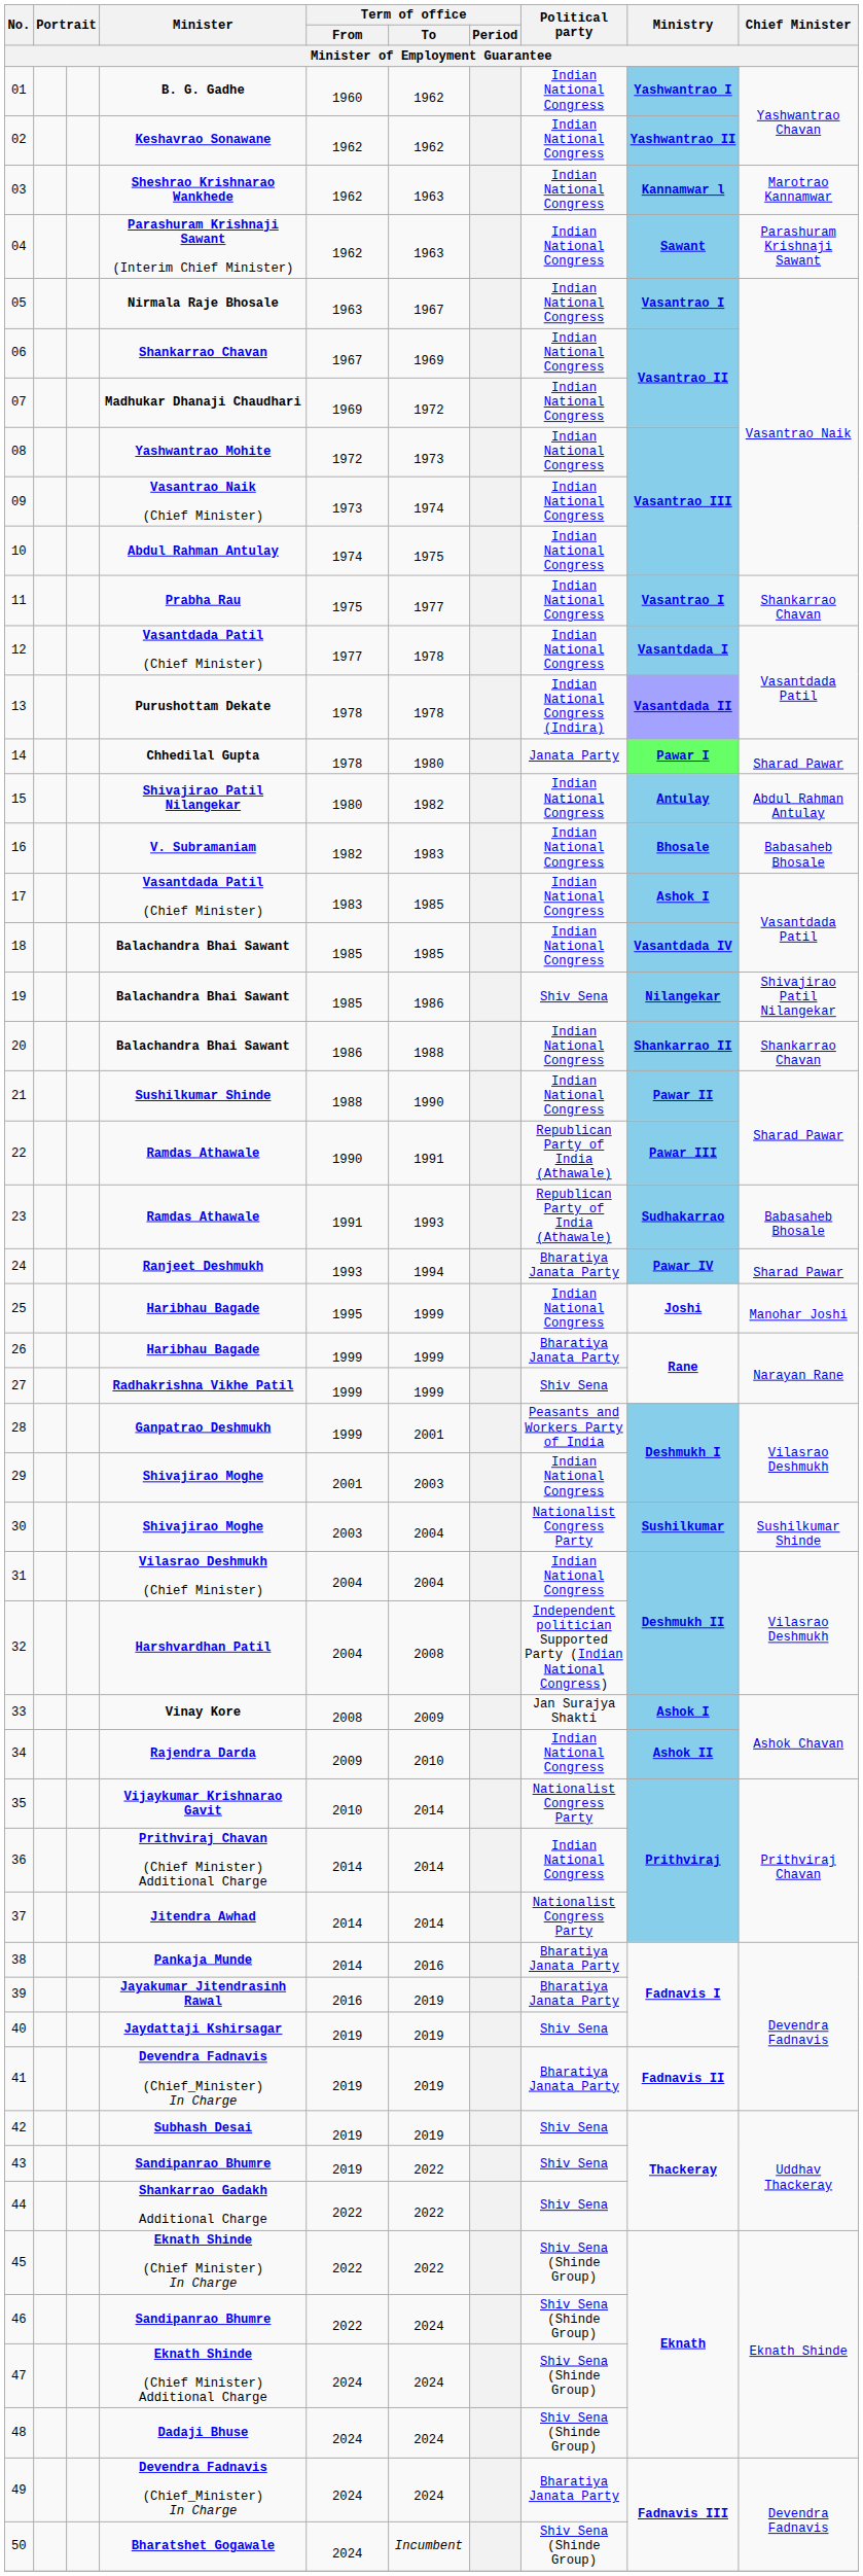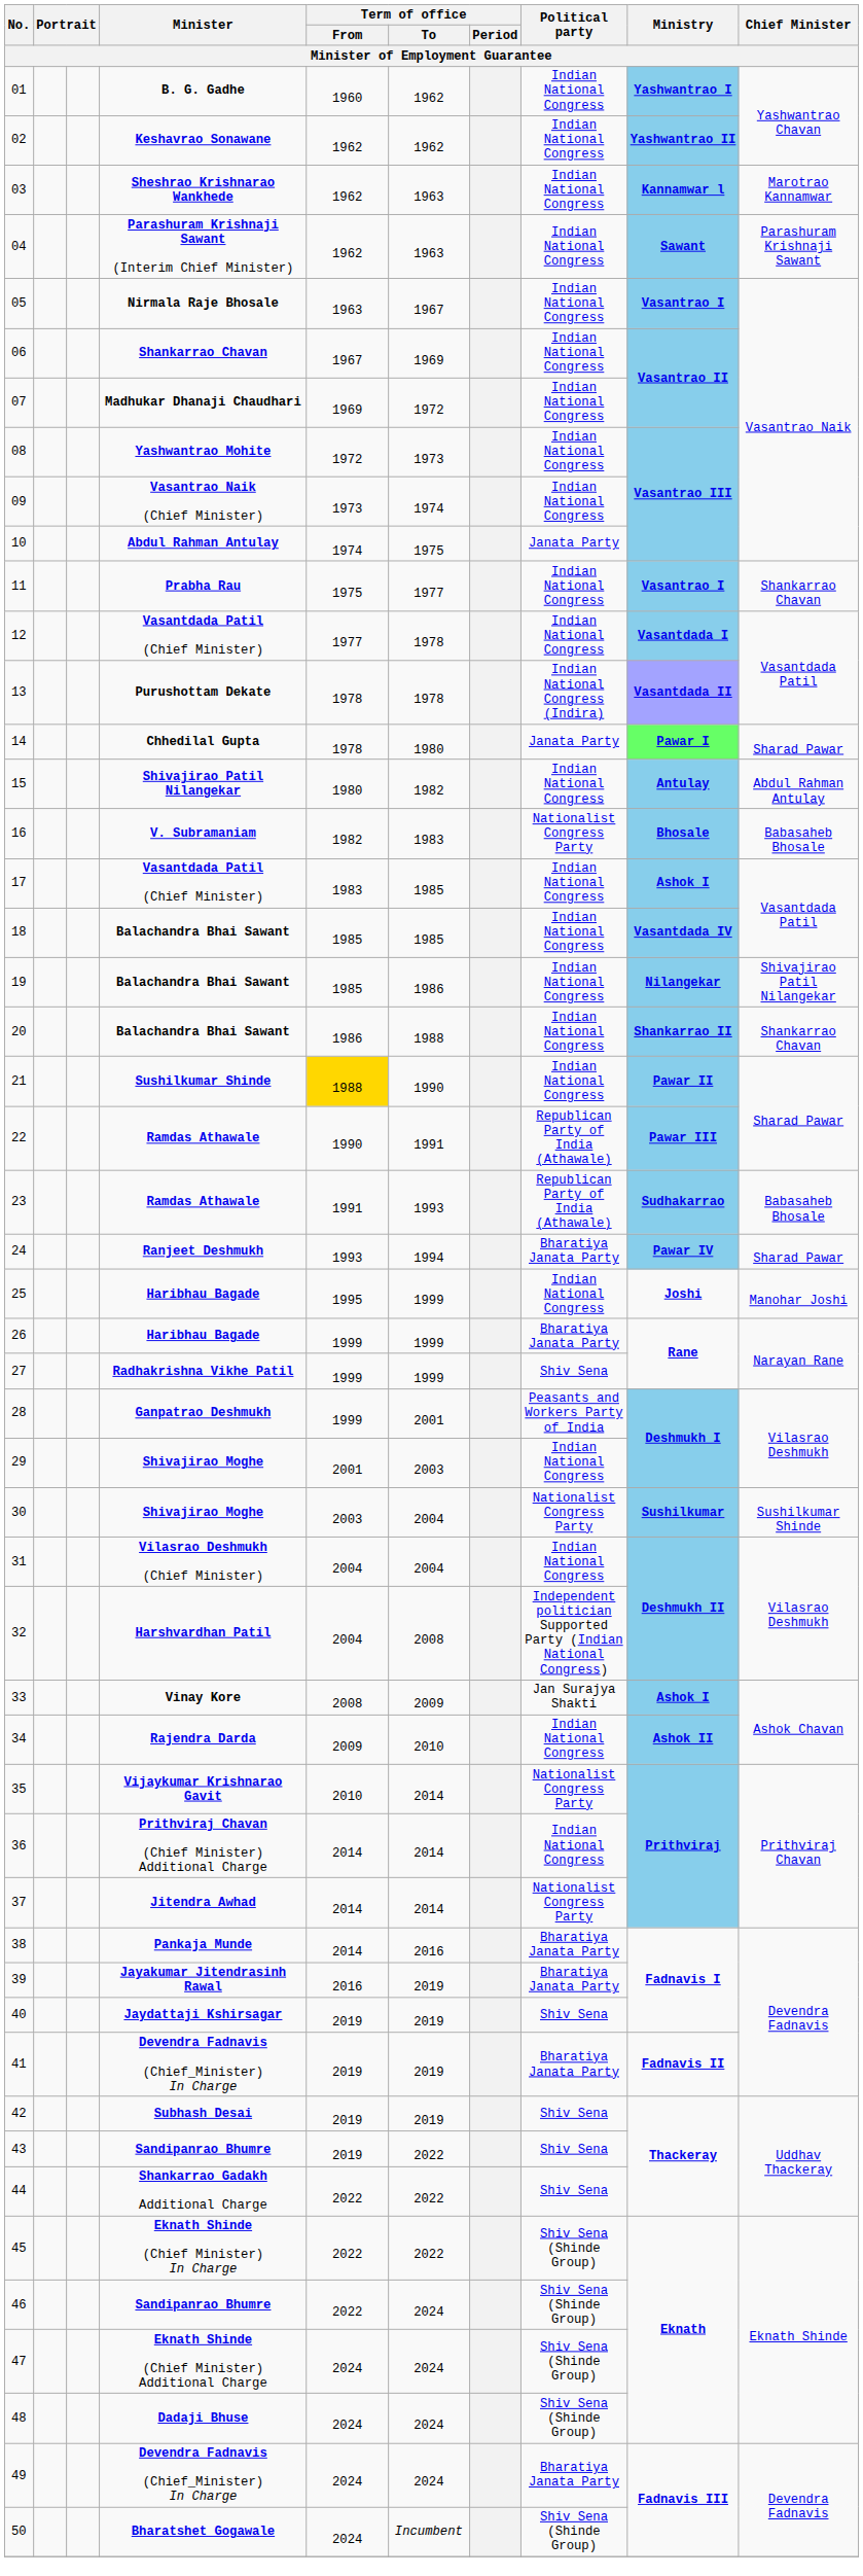 <table class="wikitable" style="text-align:center">
 <tr>
 <th rowspan="2">No.</th>
 <th rowspan="2" colspan="2">Portrait</th>
 <th rowspan="2" style="width:16em">Minister<br></th>
 <th colspan="3">Term of office</th>
 <th rowspan="2" style="width:8em">Political party</th>
 <th rowspan="2">Ministry</th>
 <th rowspan="2" style="width:9em">Chief Minister</th>
 </tr>
 <tr>
 <th style="width:6em">From</th>
 <th style="width:6em">To</th>
 <th>Period</th>
 </tr>
 <tr>
 <th colspan="10">Minister of Employment Guarantee</th>
 </tr>
 <tr>
 <td>01</td>
 <td style="color:inherit;background:"></td>
 <td></td>
 <td><strong>B. G. Gadhe</strong> <br> </td>
 <td><br>1960</td>
 <td><br>1962</td>
 <th></th>
 <td><a href='#'>Indian National Congress</a></td>
 <td bgcolor="#87CEEB"><a href='#'><strong>Yashwantrao I</strong></a></td>
 <td rowspan="2"> <br><a href='#'>Yashwantrao Chavan</a></td>
 </tr>
 <tr>
 <td>02</td>
 <td style="color:inherit;background:"></td>
 <td></td>
 <td><strong><a href='#'>Keshavrao Sonawane</a></strong> <br> </td>
 <td><br>1962</td>
 <td><br>1962</td>
 <th></th>
 <td><a href='#'>Indian National Congress</a></td>
 <td bgcolor="#87CEEB"><a href='#'><strong>Yashwantrao II</strong></a></td>
 </tr>
 <tr>
 <td>03</td>
 <td style="color:inherit;background:"></td>
 <td></td>
 <td><strong><a href='#'>Sheshrao Krishnarao Wankhede</a></strong>  <br> </td>
 <td><br>1962</td>
 <td><br>1963</td>
 <th></th>
 <td><a href='#'>Indian National Congress</a></td>
 <td bgcolor="#87CEEB"><a href='#'><strong>Kannamwar l</strong></a></td>
 <td><a href='#'>Marotrao Kannamwar</a></td>
 </tr>
 <tr>
 <td>04</td>
 <td style="color:inherit;background:"></td>
 <td></td>
 <td><strong><a href='#'>Parashuram Krishnaji Sawant</a></strong> <br>  <br>(Interim Chief Minister)</td>
 <td><br>1962</td>
 <td><br>1963</td>
 <th></th>
 <td><a href='#'>Indian National Congress</a></td>
 <td bgcolor="#87CEEB"><a href='#'><strong>Sawant</strong></a></td>
 <td><a href='#'>Parashuram Krishnaji Sawant</a></td>
 </tr>
 <tr>
 <td>05</td>
 <td style="color:inherit;background:"></td>
 <td></td>
 <td><strong>Nirmala Raje Bhosale</strong> <br> </td>
 <td><br>1963</td>
 <td><br>1967</td>
 <th></th>
 <td><a href='#'>Indian National Congress</a></td>
 <td bgcolor="#87CEEB"><a href='#'><strong>Vasantrao I</strong></a></td>
 <td rowspan="6"><br><a href='#'>Vasantrao Naik</a></td>
 </tr>
 <tr>
 <td>06</td>
 <td style="color:inherit;background:"></td>
 <td></td>
 <td><strong><a href='#'>Shankarrao Chavan</a></strong>  <br> </td>
 <td><br>1967</td>
 <td><br>1969</td>
 <th></th>
 <td><a href='#'>Indian National Congress</a></td>
 <td rowspan="2" bgcolor="#87CEEB"><a href='#'><strong>Vasantrao II</strong></a></td>
 </tr>
 <tr>
 <td>07</td>
 <td style="color:inherit;background:"></td>
 <td></td>
 <td><strong>Madhukar Dhanaji Chaudhari</strong> <br> </td>
 <td><br>1969</td>
 <td><br>1972</td>
 <th></th>
 <td><a href='#'>Indian National Congress</a></td>
 </tr>
 <tr>
 <td>08</td>
 <td style="color:inherit;background:"></td>
 <td></td>
 <td><strong><a href='#'>Yashwantrao Mohite</a></strong> <br> </td>
 <td><br>1972</td>
 <td><br>1973</td>
 <th></th>
 <td><a href='#'>Indian National Congress</a></td>
 <td rowspan="3" bgcolor="#87CEEB"><a href='#'><strong>Vasantrao III</strong></a></td>
 </tr>
 <tr>
 <td>09</td>
 <td style="color:inherit;background:"></td>
 <td></td>
 <td><strong><a href='#'>Vasantrao Naik</a></strong> <br> <br>(Chief Minister)</td>
 <td><br>1973</td>
 <td><br>1974</td>
 <th></th>
 <td><a href='#'>Indian National Congress</a></td>
 </tr>
 <tr>
 <td>10</td>
 <td style="color:inherit;background:"></td>
 <td></td>
 <td><strong><a href='#'>Abdul Rahman Antulay</a></strong> <br> </td>
 <td><br>1974</td>
 <td><br>1975</td>
 <th></th>
-<td><a href='#'>Indian National Congress</a></td>
+<td><a href='#'>Janata Party</a></td>
 </tr>
 <tr>
 <td>11</td>
 <td style="color:inherit;background:"></td>
 <td></td>
 <td><strong><a href='#'>Prabha Rau</a></strong>  <br> </td>
 <td><br>1975</td>
 <td><br>1977</td>
 <th></th>
 <td><a href='#'>Indian National Congress</a></td>
 <td bgcolor="#87CEEB"><a href='#'><strong>Vasantrao I</strong></a></td>
 <td rowspan="1"><br><a href='#'>Shankarrao Chavan</a></td>
 </tr>
 <tr>
 <td>12</td>
 <td style="color:inherit;background:"></td>
 <td></td>
 <td><strong><a href='#'>Vasantdada Patil</a></strong> <br> <br>(Chief Minister)</td>
 <td><br>1977</td>
 <td><br>1978</td>
 <th></th>
 <td><a href='#'>Indian National Congress</a></td>
 <td rowspan="1" bgcolor="#88CEEB"><a href='#'><strong>Vasantdada I</strong></a></td>
 <td rowspan="2"><br><a href='#'>Vasantdada Patil</a></td>
 </tr>
 <tr>
 <td>13</td>
 <td style="color:inherit;background:"></td>
 <td></td>
 <td><strong>Purushottam Dekate</strong> <br> </td>
 <td><br>1978</td>
 <td><br>1978</td>
 <th></th>
 <td><a href='#'>Indian National Congress (Indira)</a></td>
 <td rowspan="1" bgcolor="#A3A3FF"><a href='#'><strong>Vasantdada II</strong></a></td>
 </tr>
 <tr>
 <td>14</td>
 <td style="color:inherit;background:"></td>
 <td></td>
 <td><strong>Chhedilal Gupta</strong>  <br> </td>
 <td><br>1978</td>
 <td><br>1980</td>
 <th></th>
 <td><a href='#'>Janata Party</a></td>
 <td rowspan="1" bgcolor="#66FF66"><a href='#'><strong>Pawar I</strong></a></td>
 <td rowspan="1"><br><a href='#'>Sharad Pawar</a></td>
 </tr>
 <tr>
 <td>15</td>
 <td style="color:inherit;background:"></td>
 <td></td>
 <td><strong><a href='#'>Shivajirao Patil Nilangekar</a></strong> <br> </td>
 <td><br>1980</td>
 <td><br>1982</td>
 <th></th>
 <td><a href='#'>Indian National Congress</a></td>
 <td rowspan="1" bgcolor="#87CEEB"><a href='#'><strong>Antulay</strong></a></td>
 <td rowspan="1"> <br><a href='#'>Abdul Rahman Antulay</a></td>
 </tr>
 <tr>
 <td>16</td>
 <td style="color:inherit;background:"></td>
 <td></td>
 <td><strong><a href='#'>V. Subramaniam</a></strong> <br> </td>
 <td><br>1982</td>
 <td><br>1983</td>
 <th></th>
-<td><a href='#'>Indian National Congress</a></td>
+<td><a href='#'>Nationalist Congress Party</a></td>
 <td rowspan="1" bgcolor="#87CEEB"><a href='#'><strong>Bhosale</strong></a></td>
 <td rowspan="1"> <br><a href='#'>Babasaheb Bhosale</a></td>
 </tr>
 <tr>
 <td>17</td>
 <td style="color:inherit;background:"></td>
 <td></td>
 <td><strong><a href='#'>Vasantdada Patil</a></strong> <br> <br>(Chief Minister)</td>
 <td><br>1983</td>
 <td><br>1985</td>
 <th></th>
 <td><a href='#'>Indian National Congress</a></td>
 <td rowspan="1" bgcolor="#87CEEB"><a href='#'><strong>Ashok I</strong></a></td>
 <td rowspan="2"><br><a href='#'>Vasantdada Patil</a></td>
 </tr>
 <tr>
 <td>18</td>
 <td style="color:inherit;background:"></td>
 <td></td>
 <td><strong>Balachandra Bhai Sawant</strong> <br> </td>
 <td><br>1985</td>
 <td><br>1985</td>
 <th></th>
 <td><a href='#'>Indian National Congress</a></td>
 <td rowspan="1" bgcolor="#87CEEB"><a href='#'><strong>Vasantdada IV</strong></a></td>
 </tr>
 <tr>
 <td>19</td>
 <td style="color:inherit;background:"></td>
 <td></td>
 <td><strong>Balachandra Bhai Sawant</strong> <br> </td>
 <td><br>1985</td>
 <td><br>1986</td>
 <th></th>
-<td><a href='#'>Shiv Sena</a></td>
+<td><a href='#'>Indian National Congress</a></td>
 <td rowspan="1" bgcolor="#87CEEB"><a href='#'><strong>Nilangekar</strong></a></td>
 <td rowspan="1"><a href='#'>Shivajirao Patil Nilangekar</a></td>
 </tr>
 <tr>
 <td>20</td>
 <td style="color:inherit;background:"></td>
 <td></td>
 <td><strong>Balachandra Bhai Sawant</strong> <br> </td>
 <td><br>1986</td>
 <td><br>1988</td>
 <th></th>
 <td><a href='#'>Indian National Congress</a></td>
 <td rowspan="1"bgcolor="#87CEEB"><a href='#'><strong>Shankarrao II</strong></a></td>
 <td rowspan="1"> <br><a href='#'>Shankarrao Chavan</a></td>
 </tr>
 <tr>
 <td>21</td>
 <td style="color:inherit;background:"></td>
 <td></td>
 <td><strong><a href='#'>Sushilkumar Shinde</a></strong> <br> </td>
-<td><br>1988</td>
+<td style="background: gold;"><br>1988</td>
 <td><br>1990</td>
 <th></th>
 <td><a href='#'>Indian National Congress</a></td>
 <td rowspan="1" bgcolor="#87CEEB"><a href='#'><strong>Pawar II</strong></a></td>
 <td rowspan="2"> <br><a href='#'>Sharad Pawar</a></td>
 </tr>
 <tr>
 <td>22</td>
 <td style="color:inherit;background:"></td>
 <td></td>
 <td><strong><a href='#'>Ramdas Athawale</a></strong> <br> </td>
 <td><br>1990</td>
 <td><br>1991</td>
 <th></th>
 <td><a href='#'>Republican Party of India (Athawale)</a></td>
 <td rowspan="1" bgcolor="#87CEEB"><a href='#'><strong>Pawar III</strong></a></td>
 </tr>
 <tr>
 <td>23</td>
 <td style="color:inherit;background:"></td>
 <td></td>
 <td><strong><a href='#'>Ramdas Athawale</a></strong> <br> </td>
 <td><br>1991</td>
 <td><br>1993</td>
 <th></th>
 <td><a href='#'>Republican Party of India (Athawale)</a></td>
 <td rowspan="1" bgcolor="#87CEEB"><a href='#'><strong>Sudhakarrao</strong></a></td>
 <td rowspan="1"> <br><a href='#'>Babasaheb Bhosale</a></td>
 </tr>
 <tr>
 <td>24</td>
 <td style="color:inherit;background:"></td>
 <td></td>
 <td><strong><a href='#'>Ranjeet Deshmukh</a></strong> <br> </td>
 <td><br>1993</td>
 <td><br>1994</td>
 <th></th>
 <td><a href='#'>Bharatiya Janata Party</a></td>
 <td rowspan="1" bgcolor="#87CEEB"><a href='#'><strong>Pawar IV</strong></a></td>
 <td rowspan="1"> <br><a href='#'>Sharad Pawar</a></td>
 </tr>
 <tr>
 <td>25</td>
 <td style="color:inherit;background:"></td>
 <td></td>
 <td><strong><a href='#'>Haribhau Bagade</a></strong> <br> </td>
 <td><br>1995</td>
 <td><br>1999</td>
 <th></th>
 <td><a href='#'>Indian National Congress</a></td>
 <td rowspan="1"><a href='#'><strong>Joshi</strong></a></td>
 <td rowspan="1"> <br><a href='#'>Manohar Joshi</a></td>
 </tr>
 <tr>
 <td>26</td>
 <td style="color:inherit;background:"></td>
 <td></td>
 <td><strong><a href='#'>Haribhau Bagade</a></strong> <br> </td>
 <td><br>1999</td>
 <td><br>1999</td>
 <th></th>
 <td><a href='#'>Bharatiya Janata Party</a></td>
 <td rowspan="2"><a href='#'><strong>Rane</strong></a></td>
 <td rowspan="2"> <br><a href='#'>Narayan Rane</a></td>
 </tr>
 <tr>
 <td>27</td>
 <td style="color:inherit;background:"></td>
 <td></td>
 <td><strong><a href='#'>Radhakrishna Vikhe Patil</a></strong>  <br> </td>
 <td><br>1999</td>
 <td><br>1999</td>
 <th></th>
 <td><a href='#'>Shiv Sena</a></td>
 </tr>
 <tr>
 <td>28</td>
 <td style="color:inherit;background:"></td>
 <td></td>
 <td><strong><a href='#'>Ganpatrao Deshmukh</a></strong> <br> </td>
 <td><br>1999</td>
 <td><br>2001</td>
 <th></th>
 <td><a href='#'>Peasants and Workers Party of India</a></td>
 <td rowspan="2" bgcolor="#87CEEB"><a href='#'><strong>Deshmukh I</strong></a></td>
 <td rowspan="2"> <br><a href='#'>Vilasrao Deshmukh</a></td>
 </tr>
 <tr>
 <td>29</td>
 <td style="color:inherit;background:"></td>
 <td></td>
 <td><strong><a href='#'>Shivajirao Moghe</a></strong> <br> </td>
 <td><br>2001</td>
 <td><br>2003</td>
 <th></th>
 <td><a href='#'>Indian National Congress</a></td>
 </tr>
 <tr>
 <td>30</td>
 <td style="color:inherit;background:"></td>
 <td></td>
 <td><strong><a href='#'>Shivajirao Moghe</a></strong> <br> </td>
 <td><br>2003</td>
 <td><br>2004</td>
 <th></th>
 <td><a href='#'>Nationalist Congress Party</a></td>
 <td rowspan="1" bgcolor="#87CEEB"><a href='#'><strong>Sushilkumar</strong></a></td>
 <td rowspan="1"> <br><a href='#'>Sushilkumar Shinde</a></td>
 </tr>
 <tr>
 <td>31</td>
 <td style="color:inherit;background:"></td>
 <td></td>
 <td><strong><a href='#'>Vilasrao Deshmukh</a></strong>  <br> <br>(Chief Minister)</td>
 <td><br>2004</td>
 <td><br>2004</td>
 <th></th>
 <td><a href='#'>Indian National Congress</a></td>
 <td rowspan="2" bgcolor="#87CEEB"><a href='#'><strong>Deshmukh II</strong></a></td>
 <td rowspan="2"> <br><a href='#'>Vilasrao Deshmukh</a></td>
 </tr>
 <tr>
 <td>32</td>
 <td style="color:inherit;background:"></td>
 <td></td>
 <td><strong><a href='#'>Harshvardhan Patil</a></strong> <br> </td>
 <td><br>2004</td>
 <td><br>2008</td>
 <th></th>
 <td><a href='#'>Independent politician</a> Supported Party (<a href='#'>Indian National Congress</a>)</td>
 </tr>
 <tr>
 <td>33</td>
 <td style="color:inherit;background:"></td>
 <td></td>
 <td><strong>Vinay Kore</strong> <br> </td>
 <td><br>2008</td>
 <td><br>2009</td>
 <th></th>
 <td>Jan Surajya Shakti</td>
 <td rowspan="1" bgcolor="#87CEEB"><a href='#'><strong>Ashok I</strong></a></td>
 <td rowspan="2"><br><a href='#'>Ashok Chavan</a></td>
 </tr>
 <tr>
 <td>34</td>
 <td style="color:inherit;background:"></td>
 <td></td>
 <td><strong><a href='#'>Rajendra Darda</a></strong>  <br> </td>
 <td><br>2009</td>
 <td><br>2010</td>
 <th></th>
 <td><a href='#'>Indian National Congress</a></td>
 <td rowspan="1"bgcolor="#87CEEB"><a href='#'><strong>Ashok II</strong></a></td>
 </tr>
 <tr>
 <td>35</td>
 <td style="color:inherit;background:"></td>
 <td></td>
 <td><strong><a href='#'>Vijaykumar Krishnarao Gavit</a></strong> <br> </td>
 <td><br>2010</td>
 <td><br>2014</td>
 <th></th>
 <td><a href='#'>Nationalist Congress Party</a></td>
 <td rowspan="3" bgcolor="#87CEEB"><a href='#'><strong>Prithviraj</strong></a></td>
 <td rowspan="3"><br><a href='#'>Prithviraj Chavan</a></td>
 </tr>
 <tr>
 <td>36</td>
 <td style="color:inherit;background:"></td>
 <td></td>
 <td><strong><a href='#'>Prithviraj Chavan</a></strong> <br> <br>(Chief Minister)<br>Additional Charge</td>
 <td><br>2014</td>
 <td><br>2014</td>
 <th></th>
 <td><a href='#'>Indian National Congress</a></td>
 </tr>
 <tr>
 <td>37</td>
 <td style="color:inherit;background:"></td>
 <td></td>
 <td><strong><a href='#'>Jitendra Awhad</a></strong> <br> </td>
 <td><br>2014</td>
 <td><br>2014</td>
 <th></th>
 <td><a href='#'>Nationalist Congress Party</a></td>
 </tr>
 <tr>
 <td>38</td>
 <td style="color:inherit;background:"></td>
 <td></td>
 <td><strong><a href='#'>Pankaja Munde</a></strong> <br> </td>
 <td><br>2014</td>
 <td><br>2016</td>
 <th></th>
 <td rowspan="1"><a href='#'>Bharatiya Janata Party</a></td>
 <td rowspan="3"><a href='#'><strong>Fadnavis I</strong></a></td>
 <td rowspan="4"> <br><a href='#'>Devendra Fadnavis</a></td>
 </tr>
 <tr>
 <td>39</td>
 <td style="color:inherit;background:"></td>
 <td></td>
 <td><strong><a href='#'>Jayakumar Jitendrasinh Rawal</a></strong><br> </td>
 <td><br>2016</td>
 <td><br>2019</td>
 <th></th>
 <td rowspan="1"><a href='#'>Bharatiya Janata Party</a></td>
 </tr>
 <tr>
 <td>40</td>
 <td style="color:inherit;background:"></td>
 <td></td>
 <td><strong><a href='#'>Jaydattaji Kshirsagar</a></strong> <br> </td>
 <td><br>2019</td>
 <td><br>2019</td>
 <th></th>
 <td rowspan="1"><a href='#'>Shiv Sena</a></td>
 </tr>
 <tr>
 <td>41</td>
 <td style="color:inherit;background:"></td>
 <td></td>
 <td><strong><a href='#'>Devendra Fadnavis</a></strong>  <br> <br>(Chief_Minister) <br><em>In Charge</em></td>
 <td><br>2019</td>
 <td><br>2019</td>
 <th></th>
 <td><a href='#'>Bharatiya Janata Party</a></td>
 <td rowspan="1"><a href='#'><strong>Fadnavis II</strong></a></td>
 </tr>
 <tr>
 <td>42</td>
 <td style="color:inherit;background:"></td>
 <td></td>
 <td><strong><a href='#'>Subhash Desai</a></strong> <br> </td>
 <td><br>2019</td>
 <td><br>2019</td>
 <th></th>
 <td><a href='#'>Shiv Sena</a></td>
 <td rowspan="3"><a href='#'><strong>Thackeray</strong></a></td>
 <td rowspan="3"> <br><a href='#'>Uddhav Thackeray</a></td>
 </tr>
 <tr>
 <td>43</td>
 <td style="color:inherit;background:"></td>
 <td></td>
 <td><strong><a href='#'>Sandipanrao Bhumre</a></strong> <br> </td>
 <td><br>2019</td>
 <td><br>2022</td>
 <th></th>
 <td><a href='#'>Shiv Sena</a></td>
 </tr>
 <tr>
 <td>44</td>
 <td style="color:inherit;background:"></td>
 <td></td>
 <td><strong><a href='#'>Shankarrao Gadakh</a></strong> <br> <br>Additional Charge</td>
 <td><br>2022</td>
 <td><br>2022</td>
 <th></th>
 <td><a href='#'>Shiv Sena</a></td>
 </tr>
 <tr>
 <td>45</td>
 <td style="color:inherit;background:"></td>
 <td></td>
 <td><strong><a href='#'>Eknath Shinde</a></strong> <br>  <br>(Chief Minister)<br><em>In Charge</em></td>
 <td><br>2022</td>
 <td><br>2022</td>
 <th></th>
 <td><a href='#'>Shiv Sena</a> (Shinde Group)</td>
 <td rowspan="4"><a href='#'><strong>Eknath</strong></a></td>
 <td rowspan="4"> <br><a href='#'>Eknath Shinde</a></td>
 </tr>
 <tr>
 <td>46</td>
 <td style="color:inherit;background:"></td>
 <td></td>
 <td><strong><a href='#'>Sandipanrao Bhumre</a></strong> <br> </td>
 <td><br>2022</td>
 <td><br>2024</td>
 <th></th>
 <td><a href='#'>Shiv Sena</a> (Shinde Group)</td>
 </tr>
 <tr>
 <td>47</td>
 <td style="color:inherit;background:"></td>
 <td></td>
 <td><strong><a href='#'>Eknath Shinde</a></strong> <br>  <br>(Chief Minister)<br> Additional Charge</td>
 <td><br>2024</td>
 <td><br>2024</td>
 <th></th>
 <td><a href='#'>Shiv Sena</a> (Shinde Group)</td>
 </tr>
 <tr>
 <td>48</td>
 <td style="color:inherit;background:"></td>
 <td></td>
 <td><strong><a href='#'>Dadaji Bhuse</a></strong> <br> </td>
 <td><br>2024</td>
 <td><br>2024</td>
 <th></th>
 <td><a href='#'>Shiv Sena</a> (Shinde Group)</td>
 </tr>
 <tr>
 <td>49</td>
 <td style="color:inherit;background:"></td>
 <td></td>
 <td><strong><a href='#'>Devendra Fadnavis</a></strong>  <br> <br>(Chief_Minister) <br><em>In Charge</em></td>
 <td><br>2024</td>
 <td><br>2024</td>
 <th></th>
 <td><a href='#'>Bharatiya Janata Party</a></td>
 <td rowspan="2"><a href='#'><strong>Fadnavis III</strong></a></td>
 <td rowspan="2"> <br><a href='#'>Devendra Fadnavis</a></td>
 </tr>
 <tr>
 <td>50</td>
 <td style="color:inherit;background:"></td>
 <td></td>
 <td><strong><a href='#'>Bharatshet Gogawale</a></strong> <br> </td>
 <td><br>2024</td>
 <td><em>Incumbent</em></td>
 <th></th>
 <td><a href='#'>Shiv Sena</a> (Shinde Group)</td>
 </tr>
 <tr>
 </tr>
 </table>
